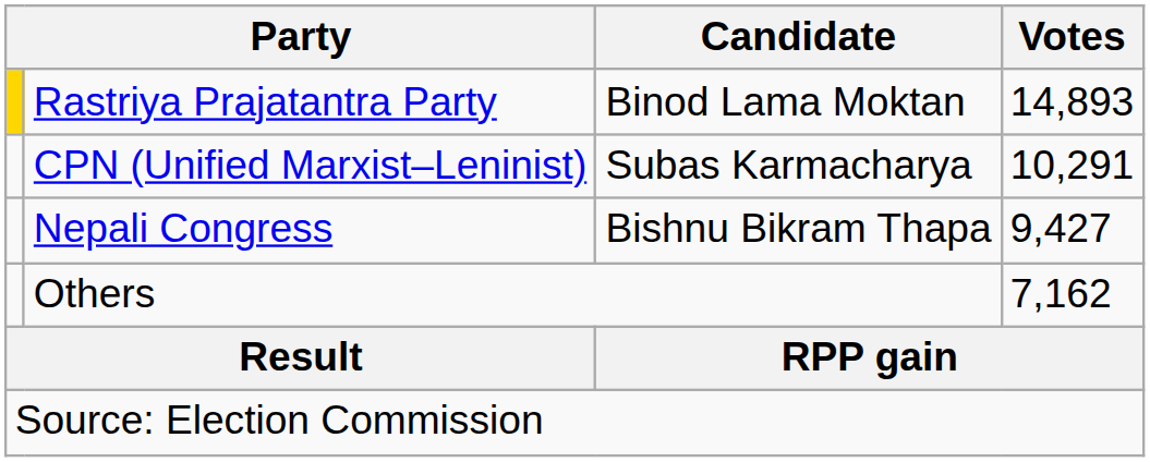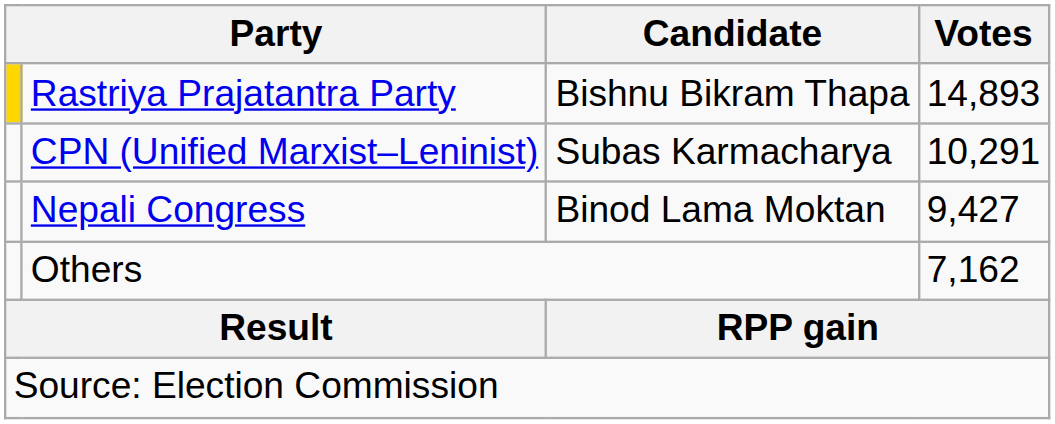 <table class="wikitable">
 <tr>
 <th colspan="2">Party</th>
 <th>Candidate</th>
 <th>Votes</th>
 </tr>
 <tr>
 <td style="background-color:gold"></td>
 <td><a href='#'>Rastriya Prajatantra Party</a></td>
-<td>Binod Lama Moktan</td>
+<td>Bishnu Bikram Thapa</td>
 <td>14,893</td>
 </tr>
 <tr>
 <td style="background-color:"></td>
 <td><a href='#'>CPN (Unified Marxist–Leninist)</a></td>
 <td>Subas Karmacharya</td>
 <td>10,291</td>
 </tr>
 <tr>
 <td style="background-color:"></td>
 <td><a href='#'>Nepali Congress</a></td>
-<td>Bishnu Bikram Thapa</td>
+<td>Binod Lama Moktan</td>
 <td>9,427</td>
 </tr>
 <tr>
 <td></td>
 <td colspan="2">Others</td>
 <td>7,162</td>
 </tr>
 <tr>
 <th colspan="2">Result</th>
 <th colspan="2">RPP gain</th>
 </tr>
 <tr>
 <td colspan="4">Source: Election Commission</td>
 </tr>
 </table>
